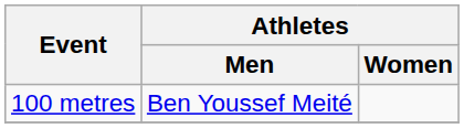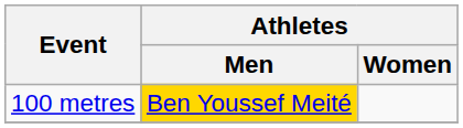 <table class=wikitable style="font-size:90%">
 <tr>
 <th rowspan=2>Event</th>
 <th colspan=2>Athletes</th>
 </tr>
 <tr>
 <th>Men</th>
 <th>Women</th>
 </tr>
 <tr>
 <td><a href='#'>100 metres</a></td>
-<td><a href='#'>Ben Youssef Meité</a></td>
+<td style="background: gold;"><a href='#'>Ben Youssef Meité</a></td>
 <td></td>
 </tr>
 <tr>
 </tr>
 </table>
